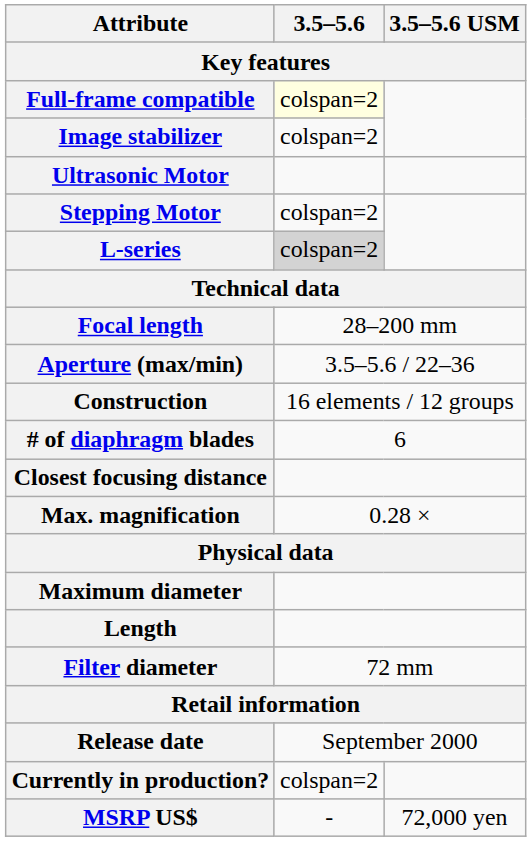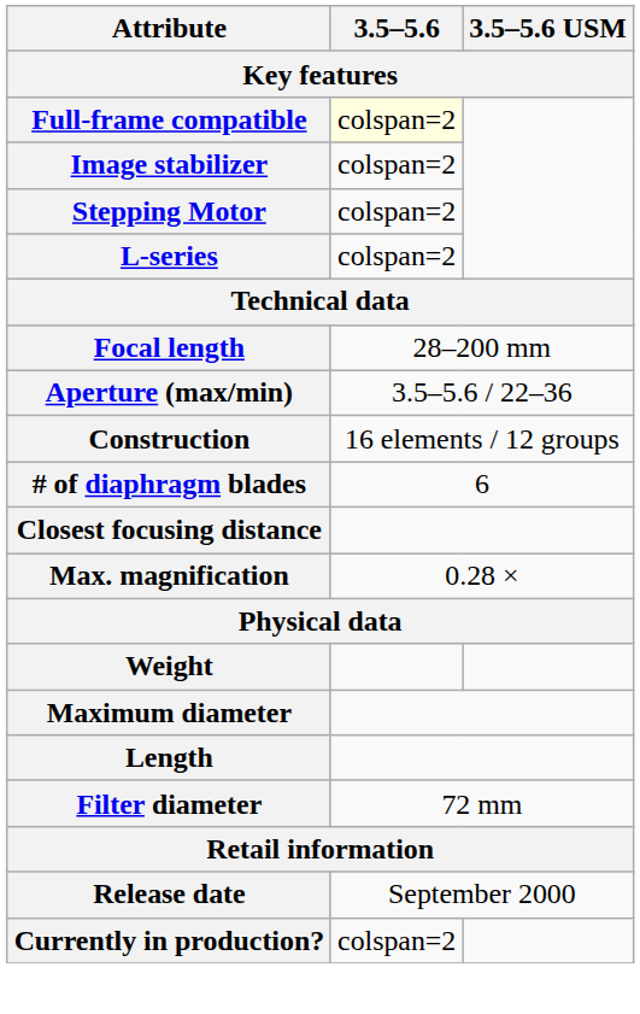 <table class="wikitable" style="margin: 1em auto; text-align:center;">
 <tr>
 <th>Attribute</th>
 <th>3.5–5.6</th>
 <th>3.5–5.6 USM</th>
 </tr>
 <tr>
 <th colspan=3>Key features</th>
 </tr>
 <tr>
 <th><a href='#'>Full-frame compatible</a></th>
 <td style="background: lightyellow;">colspan=2 </td>
 </tr>
 <tr>
 <th><a href='#'>Image stabilizer</a></th>
 <td>colspan=2 </td>
 </tr>
 <tr>
-<th><a href='#'>Ultrasonic Motor</a></th>
-<td></td>
-<td></td>
-</tr>
-<tr>
 <th><a href='#'>Stepping Motor</a></th>
 <td>colspan=2 </td>
 </tr>
 <tr>
 <th><a href='#'>L-series</a></th>
-<td style="background: lightgrey;">colspan=2 </td>
+<td>colspan=2 </td>
 </tr>
 <tr>
 <th colspan=3>Technical data</th>
 </tr>
 <tr>
 <th><a href='#'>Focal length</a></th>
 <td colspan=2>28–200 mm</td>
 </tr>
 <tr>
 <th><a href='#'>Aperture</a> (max/min)</th>
 <td colspan=2>3.5–5.6 / 22–36</td>
 </tr>
 <tr>
 <th>Construction</th>
 <td colspan=2>16 elements / 12 groups</td>
 </tr>
 <tr>
 <th># of <a href='#'>diaphragm</a> blades</th>
 <td colspan=2>6</td>
 </tr>
 <tr>
 <th>Closest focusing distance</th>
 <td colspan=2></td>
 </tr>
 <tr>
 <th>Max. magnification</th>
 <td colspan=2>0.28 ×</td>
 </tr>
 <tr>
 <th colspan=3>Physical data</th>
 </tr>
 <tr>
+<th>Weight</th>
+<td></td>
+<td></td>
+</tr>
+<tr>
 <th>Maximum diameter</th>
 <td colspan=2></td>
 </tr>
 <tr>
 <th>Length</th>
 <td colspan=2></td>
 </tr>
 <tr>
 <th><a href='#'>Filter</a> diameter</th>
 <td colspan=2>72 mm</td>
 </tr>
 <tr>
 <th colspan=3>Retail information</th>
 </tr>
 <tr>
 <th>Release date</th>
 <td colspan=2>September 2000</td>
 </tr>
 <tr>
 <th>Currently in production?</th>
 <td>colspan=2 </td>
 </tr>
-<tr>
-<th><a href='#'>MSRP</a> US$</th>
-<td>-</td>
-<td>72,000 yen</td>
-</tr>
 </table>
